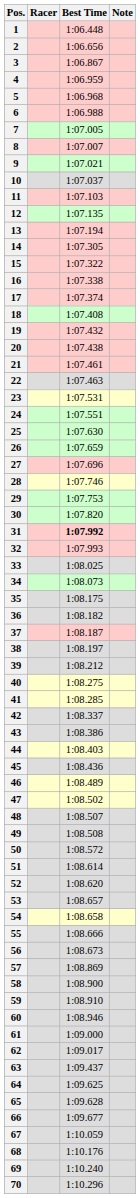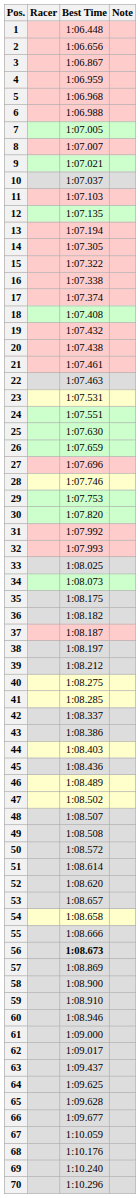 <table class="wikitable sortable plainrowheaders" style="text-align:center;">
 <tr>
 <th scope="col">Pos.</th>
 <th scope="col">Racer</th>
 <th scope="col">Best Time</th>
 <th scope="col">Note</th>
 </tr>
 <tr bgcolor=#ffcccc>
 <th style="text - align:center; ">1</th>
 <td align="left"></td>
 <td>1:06.448</td>
 <td></td>
 </tr>
 <tr bgcolor=#ffcccc>
 <th style="text - align:center; ">2</th>
 <td align="left"></td>
 <td>1:06.656</td>
 <td></td>
 </tr>
 <tr bgcolor=#ffcccc>
 <th style="text - align:center; ">3</th>
 <td align="left"></td>
 <td>1:06.867</td>
 <td></td>
 </tr>
 <tr bgcolor=#ffcccc>
 <th style="text - align:center; ">4</th>
 <td align="left"></td>
 <td>1:06.959</td>
 <td></td>
 </tr>
 <tr bgcolor=#ffcccc>
 <th style="text - align:center; ">5</th>
 <td align="left"></td>
 <td>1:06.968</td>
 <td></td>
 </tr>
 <tr bgcolor=#ffcccc>
 <th style="text - align:center; ">6</th>
 <td align="left"></td>
 <td>1:06.988</td>
 <td></td>
 </tr>
 <tr bgcolor=#ccffcc>
 <th style="text - align:center; ">7</th>
 <td align="left"></td>
 <td>1:07.005</td>
 <td></td>
 </tr>
 <tr bgcolor=#ffcccc>
 <th style="text - align:center; ">8</th>
 <td align="left"></td>
 <td>1:07.007</td>
 <td></td>
 </tr>
 <tr bgcolor=#ccffcc>
 <th style="text - align:center; ">9</th>
 <td align="left"></td>
 <td>1:07.021</td>
 <td></td>
 </tr>
 <tr bgcolor=#dddddd>
 <th style="text - align:center; ">10</th>
 <td align="left"></td>
 <td>1:07.037</td>
 <td></td>
 </tr>
 <tr bgcolor=#ffcccc>
 <th style="text - align:center; ">11</th>
 <td align="left"></td>
 <td>1:07.103</td>
 <td></td>
 </tr>
 <tr bgcolor=#ccffcc>
 <th style="text - align:center; ">12</th>
 <td align="left"></td>
 <td>1:07.135</td>
 <td></td>
 </tr>
 <tr bgcolor=#ffcccc>
 <th style="text - align:center; ">13</th>
 <td align="left"></td>
 <td>1:07.194</td>
 <td></td>
 </tr>
 <tr bgcolor=#ffcccc>
 <th style="text - align:center; ">14</th>
 <td align="left"></td>
 <td>1:07.305</td>
 <td></td>
 </tr>
 <tr bgcolor=#ffcccc>
 <th style="text - align:center; ">15</th>
 <td align="left"></td>
 <td>1:07.322</td>
 <td></td>
 </tr>
 <tr bgcolor=#ffcccc>
 <th style="text - align:center; ">16</th>
 <td align="left"></td>
 <td>1:07.338</td>
 <td></td>
 </tr>
 <tr bgcolor=#ffcccc>
 <th style="text - align:center; ">17</th>
 <td align="left"></td>
 <td>1:07.374</td>
 <td></td>
 </tr>
 <tr bgcolor=#ccffcc>
 <th style="text - align:center; ">18</th>
 <td align="left"></td>
 <td>1:07.408</td>
 <td></td>
 </tr>
 <tr bgcolor=#ffcccc>
 <th style="text - align:center; ">19</th>
 <td align="left"></td>
 <td>1:07.432</td>
 <td></td>
 </tr>
 <tr bgcolor=#ffcccc>
 <th style="text - align:center; ">20</th>
 <td align="left"></td>
 <td>1:07.438</td>
 <td></td>
 </tr>
 <tr bgcolor=#ffcccc>
 <th style="text - align:center; ">21</th>
 <td align="left"></td>
 <td>1:07.461</td>
 <td></td>
 </tr>
 <tr bgcolor=#dddddd>
 <th style="text - align:center; ">22</th>
 <td align="left"></td>
 <td>1:07.463</td>
 <td></td>
 </tr>
 <tr bgcolor=#ffffcc>
 <th style="text - align:center; ">23</th>
 <td align="left"></td>
 <td>1:07.531</td>
 <td></td>
 </tr>
 <tr bgcolor=#ccffcc>
 <th style="text - align:center; ">24</th>
 <td align="left"></td>
 <td>1:07.551</td>
 <td></td>
 </tr>
 <tr bgcolor=#ccffcc>
 <th style="text - align:center; ">25</th>
 <td align="left"></td>
 <td>1:07.630</td>
 <td></td>
 </tr>
 <tr bgcolor=#ccffcc>
 <th style="text - align:center; ">26</th>
 <td align="left"></td>
 <td>1:07.659</td>
 <td></td>
 </tr>
 <tr bgcolor=#ffcccc>
 <th style="text - align:center; ">27</th>
 <td align="left"></td>
 <td>1:07.696</td>
 <td></td>
 </tr>
 <tr bgcolor=#ffffcc>
 <th style="text - align:center; ">28</th>
 <td align="left"></td>
 <td>1:07.746</td>
 <td></td>
 </tr>
 <tr bgcolor=#ccffcc>
 <th style="text - align:center; ">29</th>
 <td align="left"></td>
 <td>1:07.753</td>
 <td></td>
 </tr>
 <tr bgcolor=#ccffcc>
 <th style="text - align:center; ">30</th>
 <td align="left"></td>
 <td>1:07.820</td>
 <td></td>
 </tr>
 <tr bgcolor=#ffcccc>
 <th style="text - align:center; ">31</th>
 <td align="left"></td>
-<td><strong>1:07.992</strong></td>
+<td>1:07.992</td>
 <td></td>
 </tr>
 <tr bgcolor=#ffcccc>
 <th style="text - align:center; ">32</th>
 <td align="left"></td>
 <td>1:07.993</td>
 <td></td>
 </tr>
 <tr bgcolor=#dddddd>
 <th style="text - align:center; ">33</th>
 <td align="left"></td>
 <td>1:08.025</td>
 <td></td>
 </tr>
 <tr bgcolor=#ccffcc>
 <th style="text - align:center; ">34</th>
 <td align="left"></td>
 <td>1:08.073</td>
 <td></td>
 </tr>
 <tr bgcolor=#dddddd>
 <th style="text - align:center; ">35</th>
 <td align="left"></td>
 <td>1:08.175</td>
 <td></td>
 </tr>
 <tr bgcolor=#dddddd>
 <th style="text - align:center; ">36</th>
 <td align="left"></td>
 <td>1:08.182</td>
 <td></td>
 </tr>
 <tr bgcolor=#ffcccc>
 <th style="text - align:center; ">37</th>
 <td align="left"></td>
 <td>1:08.187</td>
 <td></td>
 </tr>
 <tr bgcolor=#dddddd>
 <th style="text - align:center; ">38</th>
 <td align="left"></td>
 <td>1:08.197</td>
 <td></td>
 </tr>
 <tr bgcolor=#dddddd>
 <th style="text - align:center; ">39</th>
 <td align="left"></td>
 <td>1:08.212</td>
 <td></td>
 </tr>
 <tr bgcolor=#ffffcc>
 <th style="text - align:center; ">40</th>
 <td align="left"></td>
 <td>1:08.275</td>
 <td></td>
 </tr>
 <tr bgcolor=#ffffcc>
 <th style="text - align:center; ">41</th>
 <td align="left"></td>
 <td>1:08.285</td>
 <td></td>
 </tr>
 <tr bgcolor=#dddddd>
 <th style="text - align:center; ">42</th>
 <td align="left"></td>
 <td>1:08.337</td>
 <td></td>
 </tr>
 <tr bgcolor=#dddddd>
 <th style="text - align:center; ">43</th>
 <td align="left"></td>
 <td>1:08.386</td>
 <td></td>
 </tr>
 <tr bgcolor=#ffffcc>
 <th style="text - align:center; ">44</th>
 <td align="left"></td>
 <td>1:08.403</td>
 <td></td>
 </tr>
 <tr bgcolor=#dddddd>
 <th style="text - align:center; ">45</th>
 <td align="left"></td>
 <td>1:08.436</td>
 <td></td>
 </tr>
 <tr bgcolor=#ffffcc>
 <th style="text - align:center; ">46</th>
 <td align="left"></td>
 <td>1:08.489</td>
 <td></td>
 </tr>
 <tr bgcolor=#ffffcc>
 <th style="text - align:center; ">47</th>
 <td align="left"></td>
 <td>1:08.502</td>
 <td></td>
 </tr>
 <tr bgcolor=#dddddd>
 <th style="text - align:center; ">48</th>
 <td align="left"></td>
 <td>1:08.507</td>
 <td></td>
 </tr>
 <tr bgcolor=#dddddd>
 <th style="text - align:center; ">49</th>
 <td align="left"></td>
 <td>1:08.508</td>
 <td></td>
 </tr>
 <tr bgcolor=#dddddd>
 <th style="text - align:center; ">50</th>
 <td align="left"></td>
 <td>1:08.572</td>
 <td></td>
 </tr>
 <tr bgcolor=#dddddd>
 <th style="text - align:center; ">51</th>
 <td align="left"></td>
 <td>1:08.614</td>
 <td></td>
 </tr>
 <tr bgcolor=#dddddd>
 <th style="text - align:center; ">52</th>
 <td align="left"></td>
 <td>1:08.620</td>
 <td></td>
 </tr>
 <tr bgcolor=#dddddd>
 <th style="text - align:center; ">53</th>
 <td align="left"></td>
 <td>1:08.657</td>
 <td></td>
 </tr>
 <tr bgcolor=#ffffcc>
 <th style="text - align:center; ">54</th>
 <td align="left"></td>
 <td>1:08.658</td>
 <td></td>
 </tr>
 <tr bgcolor=#dddddd>
 <th style="text - align:center; ">55</th>
 <td align="left"></td>
 <td>1:08.666</td>
 <td></td>
 </tr>
 <tr bgcolor=#dddddd>
 <th style="text - align:center; ">56</th>
 <td align="left"></td>
-<td>1:08.673</td>
+<td><strong>1:08.673</strong></td>
 <td></td>
 </tr>
 <tr bgcolor=#dddddd>
 <th style="text - align:center; ">57</th>
 <td align="left"></td>
 <td>1:08.869</td>
 <td></td>
 </tr>
 <tr bgcolor=#dddddd>
 <th style="text - align:center; ">58</th>
 <td align="left"></td>
 <td>1:08.900</td>
 <td></td>
 </tr>
 <tr bgcolor=#dddddd>
 <th style="text - align:center; ">59</th>
 <td align="left"></td>
 <td>1:08.910</td>
 <td></td>
 </tr>
 <tr bgcolor=#dddddd>
 <th style="text - align:center; ">60</th>
 <td align="left"></td>
 <td>1:08.946</td>
 <td></td>
 </tr>
 <tr bgcolor=#dddddd>
 <th style="text - align:center; ">61</th>
 <td align="left"></td>
 <td>1:09.000</td>
 <td></td>
 </tr>
 <tr bgcolor=#dddddd>
 <th style="text - align:center; ">62</th>
 <td align="left"></td>
 <td>1:09.017</td>
 <td></td>
 </tr>
 <tr bgcolor=#dddddd>
 <th style="text - align:center; ">63</th>
 <td align="left"></td>
 <td>1:09.437</td>
 <td></td>
 </tr>
 <tr bgcolor=#dddddd>
 <th style="text - align:center; ">64</th>
 <td align="left"></td>
 <td>1:09.625</td>
 <td></td>
 </tr>
 <tr bgcolor=#dddddd>
 <th style="text - align:center; ">65</th>
 <td align="left"></td>
 <td>1:09.628</td>
 <td></td>
 </tr>
 <tr bgcolor=#dddddd>
 <th style="text - align:center; ">66</th>
 <td align="left"></td>
 <td>1:09.677</td>
 <td></td>
 </tr>
 <tr bgcolor=#dddddd>
 <th style="text - align:center; ">67</th>
 <td align="left"></td>
 <td>1:10.059</td>
 <td></td>
 </tr>
 <tr bgcolor=#dddddd>
 <th style="text - align:center; ">68</th>
 <td align="left"></td>
 <td>1:10.176</td>
 <td></td>
 </tr>
 <tr bgcolor=#dddddd>
 <th style="text - align:center; ">69</th>
 <td align="left"></td>
 <td>1:10.240</td>
 <td></td>
 </tr>
 <tr bgcolor=#dddddd>
 <th style="text - align:center; ">70</th>
 <td align="left"></td>
 <td>1:10.296</td>
 <td></td>
 </tr>
 </table>
